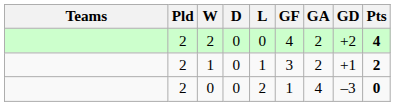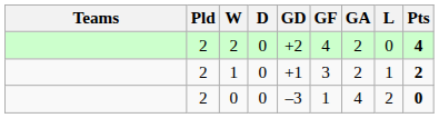 <table class="wikitable" style="text-align: center;">
 <tr>
 <th width=165>Teams</th>
 <th width=20>Pld</th>
 <th width=20>W</th>
 <th width=20>D</th>
-<th width=20>L</th>
+<th width=20>GD</th>
 <th width=20>GF</th>
 <th width=20>GA</th>
-<th width=20>GD</th>
+<th width=20>L</th>
 <th width=20>Pts</th>
 </tr>
 <tr align=center style="background:#ccffcc;">
 <td style="text-align:left;"></td>
 <td>2</td>
 <td>2</td>
 <td>0</td>
-<td>0</td>
+<td>+2</td>
 <td>4</td>
 <td>2</td>
-<td>+2</td>
+<td>0</td>
 <td><strong>4</strong></td>
 </tr>
 <tr align=center>
 <td style="text-align:left;"></td>
 <td>2</td>
 <td>1</td>
 <td>0</td>
-<td>1</td>
+<td>+1</td>
 <td>3</td>
 <td>2</td>
-<td>+1</td>
+<td>1</td>
 <td><strong>2</strong></td>
 </tr>
 <tr align=center>
 <td style="text-align:left;"></td>
 <td>2</td>
 <td>0</td>
 <td>0</td>
-<td>2</td>
+<td>–3</td>
 <td>1</td>
 <td>4</td>
-<td>–3</td>
+<td>2</td>
 <td><strong>0</strong></td>
 </tr>
 </table>
